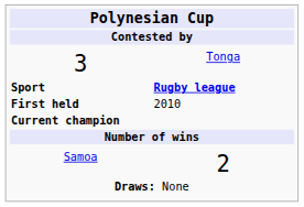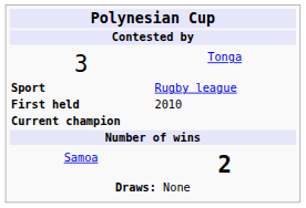 <table class="infobox" style="width: 26em; font-size: 95%;">
 <tr>
 <td colspan="2" style="text-align: center; font-size: 130%; background:lavender;"><strong>Polynesian Cup</strong></td>
 </tr>
 <tr>
 <td colspan="2" style="text-align: center; font-size: 100%; background:lavender;"><strong>Contested by</strong></td>
 </tr>
 <tr>
 <td style="width:50%; vertical-align:middle; text-align:center;"></td>
 <td style="width:50%; vertical-align:middle; text-align:center;"></td>
 </tr>
 <tr>
 <td style="text-align:center;font-size: 200%;">3</td>
 <td style="text-align:center;"><a href='#'>Tonga</a></td>
 </tr>
 <tr>
 <td><strong>Sport</strong></td>
-<td><strong><a href='#'>Rugby league</a></strong></td>
+<td><a href='#'>Rugby league</a></td>
 </tr>
 <tr>
 <td><strong>First held</strong></td>
 <td>2010</td>
 </tr>
 <tr>
 <td><strong>Current champion</strong></td>
 <td></td>
 </tr>
 <tr>
 <td colspan="2" style="text-align: center; font-size: 100%; background:lavender;"><strong>Number of wins</strong></td>
 </tr>
 <tr>
 <td style="text-align:center;"></td>
 <td style="text-align:center;"></td>
 </tr>
 <tr>
 <td style="text-align:center;"><a href='#'>Samoa</a></td>
-<td style="text-align:center;font-size: 200%;">2</td>
+<td style="text-align:center;font-size: 200%;"><strong>2</strong></td>
 </tr>
 <tr>
 <td colspan="2" style="text-align: center;"><strong>Draws:</strong> None</td>
 </tr>
 <tr>
 </tr>
 </table>
